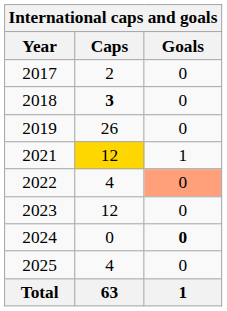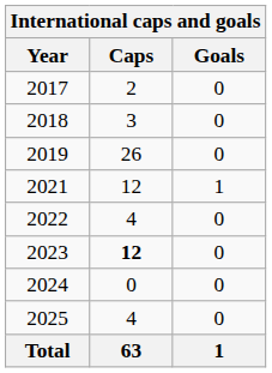 <table class="wikitable sortable" style="text-align:center">
 <tr>
 <th colspan="3">International caps and goals</th>
 </tr>
 <tr>
 <th>Year</th>
 <th>Caps</th>
 <th>Goals</th>
 </tr>
 <tr>
 <td>2017</td>
 <td>2</td>
 <td>0</td>
 </tr>
 <tr>
 <td>2018</td>
-<td><strong>3</strong></td>
+<td>3</td>
 <td>0</td>
 </tr>
 <tr>
 <td>2019</td>
 <td>26</td>
 <td>0</td>
 </tr>
 <tr>
 <td>2021</td>
-<td style="background: gold;">12</td>
+<td>12</td>
 <td>1</td>
 </tr>
 <tr>
 <td>2022</td>
 <td>4</td>
-<td style="background: lightsalmon;">0</td>
+<td>0</td>
 </tr>
 <tr>
 <td>2023</td>
-<td>12</td>
+<td><strong>12</strong></td>
 <td>0</td>
 </tr>
 <tr>
 <td>2024</td>
 <td>0</td>
-<td><strong>0</strong></td>
+<td>0</td>
 </tr>
 <tr>
 <td>2025</td>
 <td>4</td>
 <td>0</td>
 </tr>
 <tr>
 <th>Total</th>
 <th>63</th>
 <th>1</th>
 </tr>
 </table>
